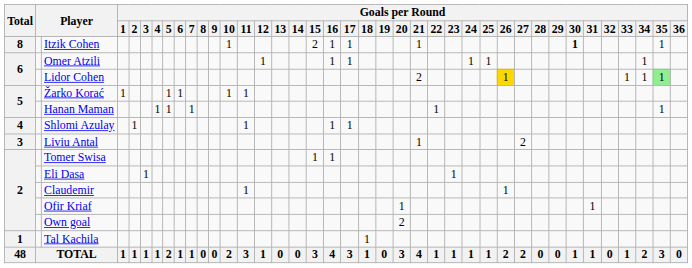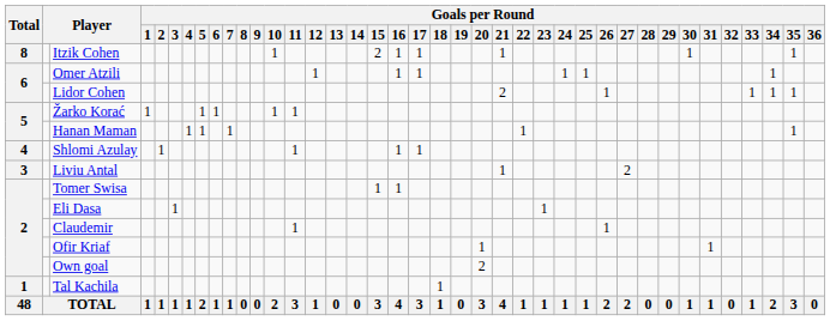 <table class="wikitable" style="text-align:center; line-height: 90%; font-size:90%">
 <tr>
 <th rowspan="2">Total</th>
 <th rowspan="2" colspan="2">Player</th>
 <th colspan="37">Goals per Round</th>
 </tr>
 <tr>
 <th>1</th>
 <th>2</th>
 <th>3</th>
 <th>4</th>
 <th>5</th>
 <th>6</th>
 <th>7</th>
 <th>8</th>
 <th>9</th>
 <th>10</th>
 <th>11</th>
 <th>12</th>
 <th>13</th>
 <th>14</th>
 <th>15</th>
 <th>16</th>
 <th>17</th>
 <th>18</th>
 <th>19</th>
 <th>20</th>
 <th>21</th>
 <th>22</th>
 <th>23</th>
 <th>24</th>
 <th>25</th>
 <th>26</th>
 <th>27</th>
 <th>28</th>
 <th>29</th>
 <th>30</th>
 <th>31</th>
 <th>32</th>
 <th>33</th>
 <th>34</th>
 <th>35</th>
 <th>36</th>
 </tr>
 <tr>
 <th rowspan="1">8</th>
 <td></td>
 <td style="text-align:left;"><a href='#'>Itzik Cohen</a></td>
 <td></td>
 <td></td>
 <td></td>
 <td></td>
 <td></td>
 <td></td>
 <td></td>
 <td></td>
 <td></td>
 <td>1</td>
 <td></td>
 <td></td>
 <td></td>
 <td></td>
 <td>2</td>
 <td>1</td>
 <td>1</td>
 <td></td>
 <td></td>
 <td></td>
 <td>1</td>
 <td></td>
 <td></td>
 <td></td>
 <td></td>
 <td></td>
 <td></td>
 <td></td>
 <td></td>
-<td><strong>1</strong></td>
+<td>1</td>
 <td></td>
 <td></td>
 <td></td>
 <td></td>
 <td>1</td>
 <td></td>
 </tr>
 <tr>
 <th rowspan="2">6</th>
 <td></td>
 <td style="text-align:left;"><a href='#'>Omer Atzili</a></td>
 <td></td>
 <td></td>
 <td></td>
 <td></td>
 <td></td>
 <td></td>
 <td></td>
 <td></td>
 <td></td>
 <td></td>
 <td></td>
 <td>1</td>
 <td></td>
 <td></td>
 <td></td>
 <td>1</td>
 <td>1</td>
 <td></td>
 <td></td>
 <td></td>
 <td></td>
 <td></td>
 <td></td>
 <td>1</td>
 <td>1</td>
 <td></td>
 <td></td>
 <td></td>
 <td></td>
 <td></td>
 <td></td>
 <td></td>
 <td></td>
 <td>1</td>
 <td></td>
 <td></td>
 </tr>
 <tr>
 <td></td>
 <td style="text-align:left;"><a href='#'>Lidor Cohen</a></td>
 <td></td>
 <td></td>
 <td></td>
 <td></td>
 <td></td>
 <td></td>
 <td></td>
 <td></td>
 <td></td>
 <td></td>
 <td></td>
 <td></td>
 <td></td>
 <td></td>
 <td></td>
 <td></td>
 <td></td>
 <td></td>
 <td></td>
 <td></td>
 <td>2</td>
 <td></td>
 <td></td>
 <td></td>
 <td></td>
-<td style="background: gold;">1</td>
+<td>1</td>
 <td></td>
 <td></td>
 <td></td>
 <td></td>
 <td></td>
 <td></td>
 <td>1</td>
 <td>1</td>
-<td style="background: lightgreen;">1</td>
+<td>1</td>
 <td></td>
 </tr>
 <tr>
 <th rowspan="2">5</th>
 <td></td>
 <td style="text-align:left;"><a href='#'>Žarko Korać</a></td>
 <td>1</td>
 <td></td>
 <td></td>
 <td></td>
 <td>1</td>
 <td>1</td>
 <td></td>
 <td></td>
 <td></td>
 <td>1</td>
 <td>1</td>
 <td></td>
 <td></td>
 <td></td>
 <td></td>
 <td></td>
 <td></td>
 <td></td>
 <td></td>
 <td></td>
 <td></td>
 <td></td>
 <td></td>
 <td></td>
 <td></td>
 <td></td>
 <td></td>
 <td></td>
 <td></td>
 <td></td>
 <td></td>
 <td></td>
 <td></td>
 <td></td>
 <td></td>
 <td></td>
 </tr>
 <tr>
 <td></td>
 <td style="text-align:left;"><a href='#'>Hanan Maman</a></td>
 <td></td>
 <td></td>
 <td></td>
 <td>1</td>
 <td>1</td>
 <td></td>
 <td>1</td>
 <td></td>
 <td></td>
 <td></td>
 <td></td>
 <td></td>
 <td></td>
 <td></td>
 <td></td>
 <td></td>
 <td></td>
 <td></td>
 <td></td>
 <td></td>
 <td></td>
 <td>1</td>
 <td></td>
 <td></td>
 <td></td>
 <td></td>
 <td></td>
 <td></td>
 <td></td>
 <td></td>
 <td></td>
 <td></td>
 <td></td>
 <td></td>
 <td>1</td>
 <td></td>
 </tr>
 <tr>
 <th rowspan="1">4</th>
 <td></td>
 <td style="text-align:left;"><a href='#'>Shlomi Azulay</a></td>
 <td></td>
 <td>1</td>
 <td></td>
 <td></td>
 <td></td>
 <td></td>
 <td></td>
 <td></td>
 <td></td>
 <td></td>
 <td>1</td>
 <td></td>
 <td></td>
 <td></td>
 <td></td>
 <td>1</td>
 <td>1</td>
 <td></td>
 <td></td>
 <td></td>
 <td></td>
 <td></td>
 <td></td>
 <td></td>
 <td></td>
 <td></td>
 <td></td>
 <td></td>
 <td></td>
 <td></td>
 <td></td>
 <td></td>
 <td></td>
 <td></td>
 <td></td>
 <td></td>
 </tr>
 <tr>
 <th rowspan="1">3</th>
 <td></td>
 <td style="text-align:left;"><a href='#'>Liviu Antal</a></td>
 <td></td>
 <td></td>
 <td></td>
 <td></td>
 <td></td>
 <td></td>
 <td></td>
 <td></td>
 <td></td>
 <td></td>
 <td></td>
 <td></td>
 <td></td>
 <td></td>
 <td></td>
 <td></td>
 <td></td>
 <td></td>
 <td></td>
 <td></td>
 <td>1</td>
 <td></td>
 <td></td>
 <td></td>
 <td></td>
 <td></td>
 <td>2</td>
 <td></td>
 <td></td>
 <td></td>
 <td></td>
 <td></td>
 <td></td>
 <td></td>
 <td></td>
 <td></td>
 </tr>
 <tr>
 <th rowspan="5">2</th>
 <td></td>
 <td style="text-align:left;"><a href='#'>Tomer Swisa</a></td>
 <td></td>
 <td></td>
 <td></td>
 <td></td>
 <td></td>
 <td></td>
 <td></td>
 <td></td>
 <td></td>
 <td></td>
 <td></td>
 <td></td>
 <td></td>
 <td></td>
 <td>1</td>
 <td>1</td>
 <td></td>
 <td></td>
 <td></td>
 <td></td>
 <td></td>
 <td></td>
 <td></td>
 <td></td>
 <td></td>
 <td></td>
 <td></td>
 <td></td>
 <td></td>
 <td></td>
 <td></td>
 <td></td>
 <td></td>
 <td></td>
 <td></td>
 <td></td>
 </tr>
 <tr>
 <td></td>
 <td style="text-align:left;"><a href='#'>Eli Dasa</a></td>
 <td></td>
 <td></td>
 <td>1</td>
 <td></td>
 <td></td>
 <td></td>
 <td></td>
 <td></td>
 <td></td>
 <td></td>
 <td></td>
 <td></td>
 <td></td>
 <td></td>
 <td></td>
 <td></td>
 <td></td>
 <td></td>
 <td></td>
 <td></td>
 <td></td>
 <td></td>
 <td>1</td>
 <td></td>
 <td></td>
 <td></td>
 <td></td>
 <td></td>
 <td></td>
 <td></td>
 <td></td>
 <td></td>
 <td></td>
 <td></td>
 <td></td>
 <td></td>
 </tr>
 <tr>
 <td></td>
 <td style="text-align:left;"><a href='#'>Claudemir</a></td>
 <td></td>
 <td></td>
 <td></td>
 <td></td>
 <td></td>
 <td></td>
 <td></td>
 <td></td>
 <td></td>
 <td></td>
 <td>1</td>
 <td></td>
 <td></td>
 <td></td>
 <td></td>
 <td></td>
 <td></td>
 <td></td>
 <td></td>
 <td></td>
 <td></td>
 <td></td>
 <td></td>
 <td></td>
 <td></td>
 <td>1</td>
 <td></td>
 <td></td>
 <td></td>
 <td></td>
 <td></td>
 <td></td>
 <td></td>
 <td></td>
 <td></td>
 <td></td>
 </tr>
 <tr>
 <td></td>
 <td style="text-align:left;"><a href='#'>Ofir Kriaf</a></td>
 <td></td>
 <td></td>
 <td></td>
 <td></td>
 <td></td>
 <td></td>
 <td></td>
 <td></td>
 <td></td>
 <td></td>
 <td></td>
 <td></td>
 <td></td>
 <td></td>
 <td></td>
 <td></td>
 <td></td>
 <td></td>
 <td></td>
 <td>1</td>
 <td></td>
 <td></td>
 <td></td>
 <td></td>
 <td></td>
 <td></td>
 <td></td>
 <td></td>
 <td></td>
 <td></td>
 <td>1</td>
 <td></td>
 <td></td>
 <td></td>
 <td></td>
 <td></td>
 </tr>
 <tr>
 <td></td>
 <td style="text-align:left;"><a href='#'>Own goal</a></td>
 <td></td>
 <td></td>
 <td></td>
 <td></td>
 <td></td>
 <td></td>
 <td></td>
 <td></td>
 <td></td>
 <td></td>
 <td></td>
 <td></td>
 <td></td>
 <td></td>
 <td></td>
 <td></td>
 <td></td>
 <td></td>
 <td></td>
 <td>2</td>
 <td></td>
 <td></td>
 <td></td>
 <td></td>
 <td></td>
 <td></td>
 <td></td>
 <td></td>
 <td></td>
 <td></td>
 <td></td>
 <td></td>
 <td></td>
 <td></td>
 <td></td>
 <td></td>
 </tr>
 <tr>
 <th rowspan="1">1</th>
 <td></td>
 <td style="text-align:left;"><a href='#'>Tal Kachila</a></td>
 <td></td>
 <td></td>
 <td></td>
 <td></td>
 <td></td>
 <td></td>
 <td></td>
 <td></td>
 <td></td>
 <td></td>
 <td></td>
 <td></td>
 <td></td>
 <td></td>
 <td></td>
 <td></td>
 <td></td>
 <td>1</td>
 <td></td>
 <td></td>
 <td></td>
 <td></td>
 <td></td>
 <td></td>
 <td></td>
 <td></td>
 <td></td>
 <td></td>
 <td></td>
 <td></td>
 <td></td>
 <td></td>
 <td></td>
 <td></td>
 <td></td>
 <td></td>
 </tr>
 <tr>
 <th rowspan="1">48</th>
 <th colspan="2">TOTAL</th>
 <th style="text-align:center;">1</th>
 <th>1</th>
 <th>1</th>
 <th>1</th>
 <th>2</th>
 <th>1</th>
 <th>1</th>
 <th>0</th>
 <th>0</th>
 <th>2</th>
 <th>3</th>
 <th>1</th>
 <th>0</th>
 <th>0</th>
 <th>3</th>
 <th>4</th>
 <th>3</th>
 <th>1</th>
 <th>0</th>
 <th>3</th>
 <th>4</th>
 <th>1</th>
 <th>1</th>
 <th>1</th>
 <th>1</th>
 <th>2</th>
 <th>2</th>
 <th>0</th>
 <th>0</th>
 <th>1</th>
 <th>1</th>
 <th>0</th>
 <th>1</th>
 <th>2</th>
 <th>3</th>
 <th>0</th>
 </tr>
 </table>
